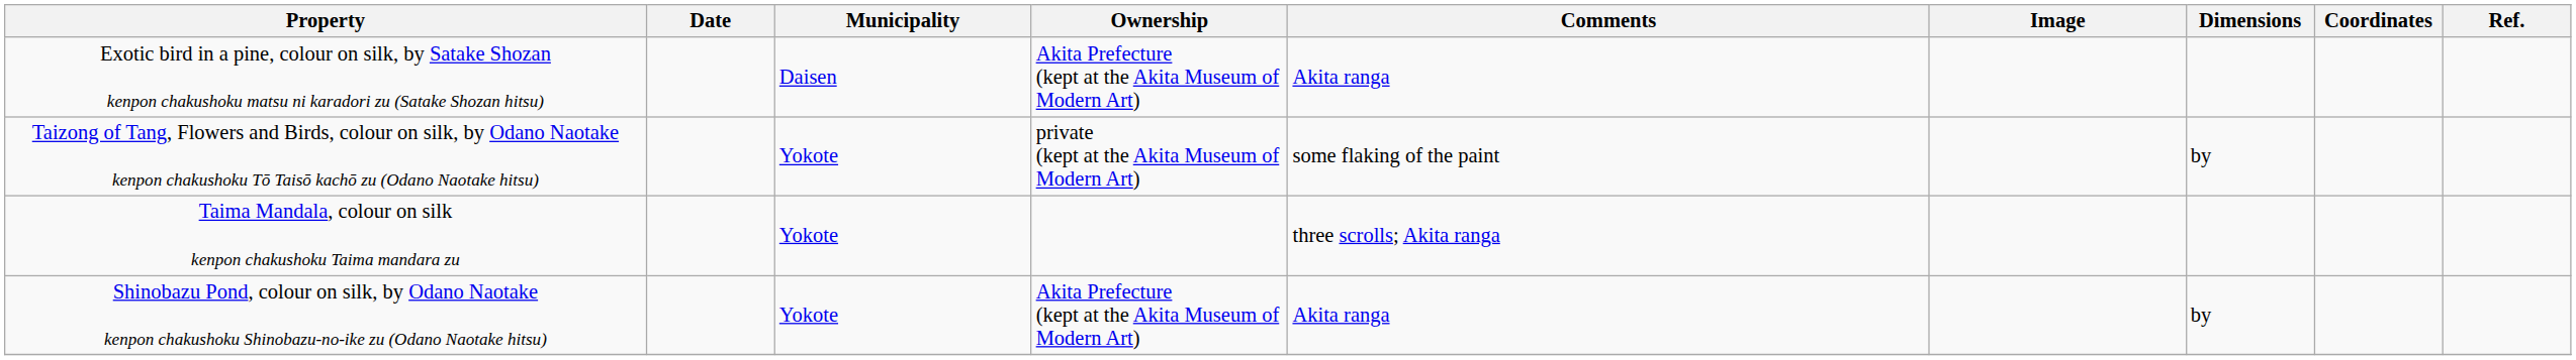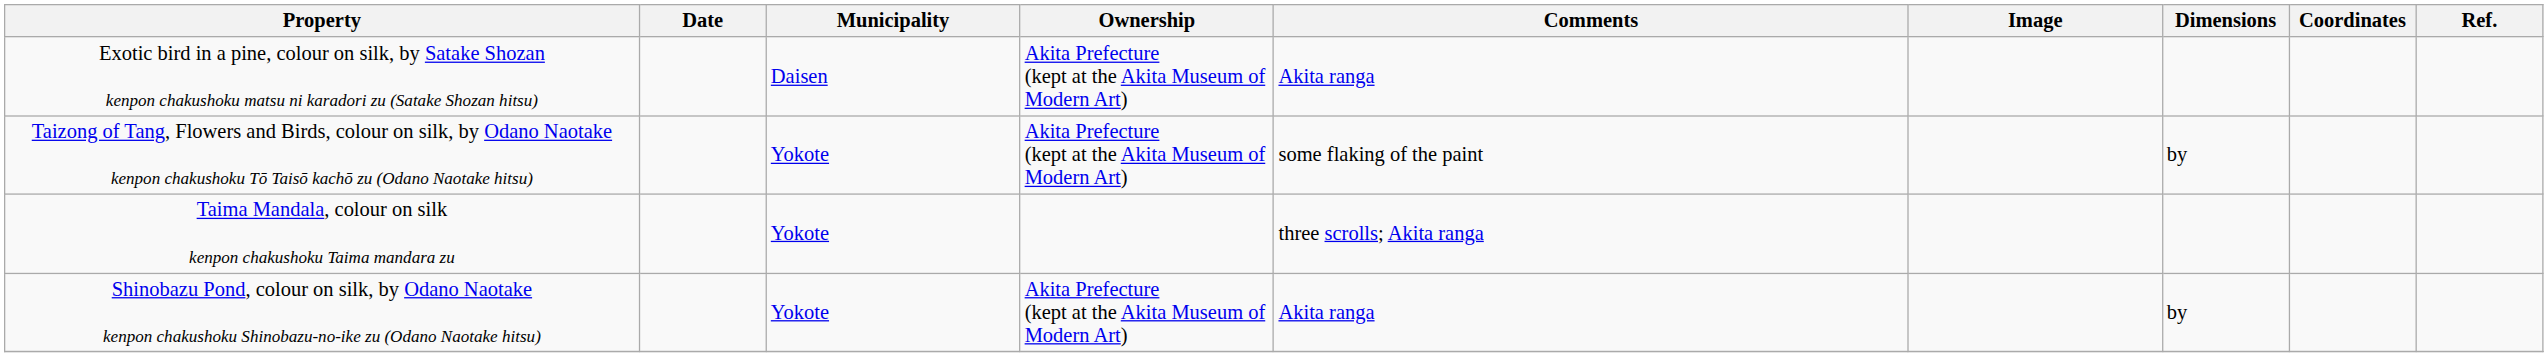 <table class="wikitable sortable"  style="width:100%;">
 <tr>
 <th width="25%" align="left">Property</th>
 <th width="5%" align="left" data-sort-type="number">Date</th>
 <th width="10%" align="left">Municipality</th>
 <th width="10%" align="left">Ownership</th>
 <th width="25%" align="left" class="unsortable">Comments</th>
 <th width="10%" align="left" class="unsortable">Image</th>
 <th width="5%" align="left" class="unsortable">Dimensions</th>
 <th width="5%" align="left" class="unsortable">Coordinates</th>
 <th width="5%" align="left" class="unsortable">Ref.</th>
 </tr>
 <tr>
 <td align="center">Exotic bird in a pine, colour on silk, by <a href='#'>Satake Shozan</a><br><br><small><em>kenpon chakushoku matsu ni karadori zu (Satake Shozan hitsu)</em></small></td>
 <td></td>
 <td><a href='#'>Daisen</a></td>
 <td><a href='#'>Akita Prefecture</a><br>(kept at the <a href='#'>Akita Museum of Modern Art</a>)</td>
 <td><a href='#'>Akita ranga</a></td>
 <td></td>
 <td></td>
 <td></td>
 <td></td>
 </tr>
 <tr>
 <td align="center"><a href='#'>Taizong of Tang</a>, Flowers and Birds, colour on silk, by <a href='#'>Odano Naotake</a><br><br><small><em>kenpon chakushoku Tō Taisō kachō zu (Odano Naotake hitsu)</em></small></td>
 <td></td>
 <td><a href='#'>Yokote</a></td>
-<td>private<br>(kept at the <a href='#'>Akita Museum of Modern Art</a>)</td>
+<td><a href='#'>Akita Prefecture</a><br>(kept at the <a href='#'>Akita Museum of Modern Art</a>)</td>
 <td>some flaking of the paint</td>
 <td></td>
 <td> by </td>
 <td></td>
 <td></td>
 </tr>
 <tr>
 <td align="center"><a href='#'>Taima Mandala</a>, colour on silk<br><br><small><em>kenpon chakushoku Taima mandara zu</em></small></td>
 <td></td>
 <td><a href='#'>Yokote</a></td>
 <td></td>
 <td>three <a href='#'>scrolls</a>; <a href='#'>Akita ranga</a></td>
 <td></td>
 <td></td>
 <td></td>
 <td></td>
 </tr>
 <tr>
 <td align="center"><a href='#'>Shinobazu Pond</a>, colour on silk, by <a href='#'>Odano Naotake</a><br><br><small><em>kenpon chakushoku Shinobazu-no-ike zu (Odano Naotake hitsu)</em></small></td>
 <td></td>
 <td><a href='#'>Yokote</a></td>
 <td><a href='#'>Akita Prefecture</a><br>(kept at the <a href='#'>Akita Museum of Modern Art</a>)</td>
 <td><a href='#'>Akita ranga</a></td>
 <td></td>
 <td> by </td>
 <td></td>
 <td></td>
 </tr>
 <tr>
 </tr>
 </table>
